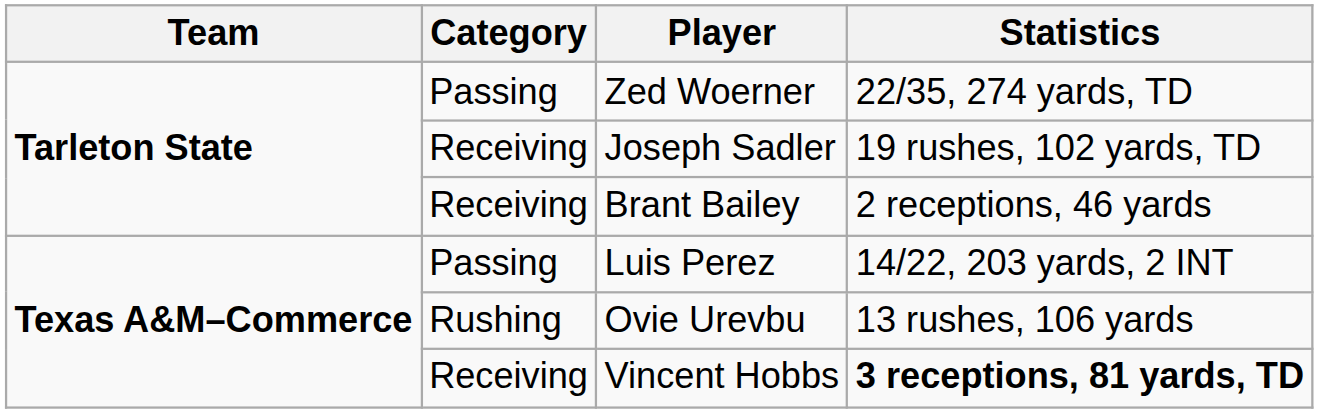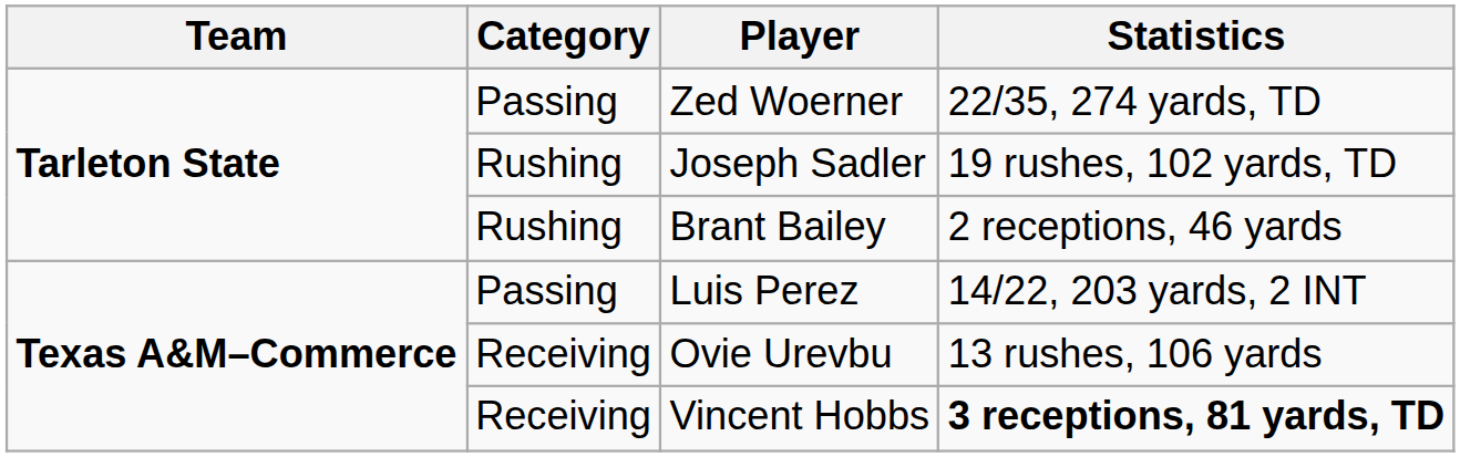 <table class="wikitable" style="float: right;">
 <tr>
 <th>Team</th>
 <th>Category</th>
 <th>Player</th>
 <th>Statistics</th>
 </tr>
 <tr>
 <td rowspan=3><strong>Tarleton State</strong></td>
 <td>Passing</td>
 <td>Zed Woerner</td>
 <td>22/35, 274 yards, TD</td>
 </tr>
 <tr>
-<td>Receiving</td>
+<td>Rushing</td>
 <td>Joseph Sadler</td>
 <td>19 rushes, 102 yards, TD</td>
 </tr>
 <tr>
-<td>Receiving</td>
+<td>Rushing</td>
 <td>Brant Bailey</td>
 <td>2 receptions, 46 yards</td>
 </tr>
 <tr>
 <td rowspan=3><strong>Texas A&M–Commerce</strong></td>
 <td>Passing</td>
 <td>Luis Perez</td>
 <td>14/22, 203 yards, 2 INT</td>
 </tr>
 <tr>
-<td>Rushing</td>
+<td>Receiving</td>
 <td>Ovie Urevbu</td>
 <td>13 rushes, 106 yards</td>
 </tr>
 <tr>
 <td>Receiving</td>
 <td>Vincent Hobbs</td>
 <td><strong>3 receptions, 81 yards, TD</strong></td>
 </tr>
 </table>
